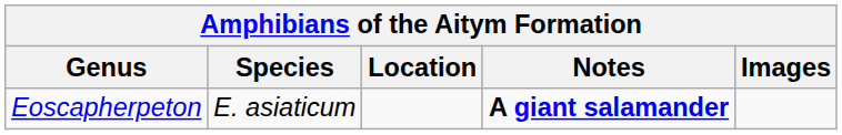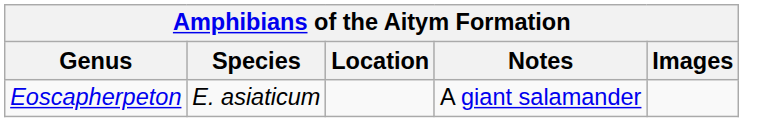 <table class="wikitable" align="center">
 <tr>
 <th colspan="5" align="center"><strong><a href='#'>Amphibians</a> of the Aitym Formation</strong></th>
 </tr>
 <tr>
 <th>Genus</th>
 <th>Species</th>
 <th>Location</th>
 <th>Notes</th>
 <th>Images</th>
 </tr>
 <tr>
 <td><em><a href='#'>Eoscapherpeton</a></em></td>
 <td><em>E. asiaticum</em></td>
 <td></td>
-<td><strong>A <a href='#'>giant salamander</a></strong></td>
+<td>A <a href='#'>giant salamander</a></td>
 <td></td>
 </tr>
 </table>
